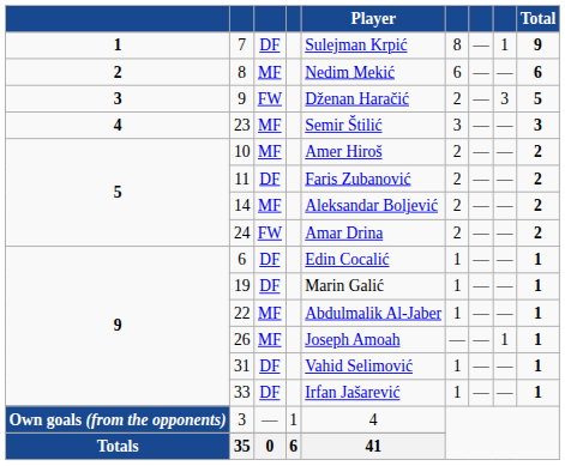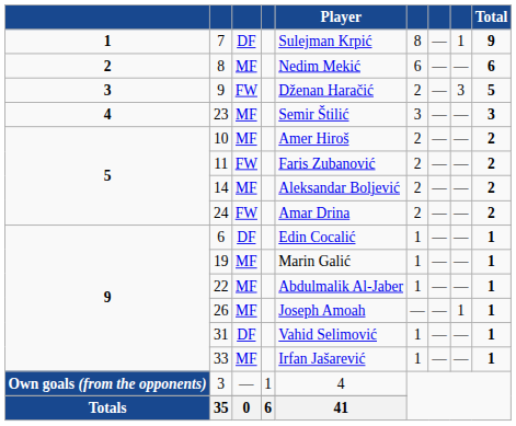 <table class="wikitable sortable" style="font-size: 95%; text-align: center;">
 <tr>
 <th style="background:#18488f; color:#FFFFFF; "></th>
 <th style="background:#18488f; color:#FFFFFF; "></th>
 <th style="background:#18488f; color:#FFFFFF; "></th>
 <th style="background:#18488f; color:#FFFFFF; "></th>
 <th style="background:#18488f; color:#FFFFFF; ">Player</th>
 <th style="background:#18488f; color:#FFFFFF; "></th>
 <th style="background:#18488f; color:#FFFFFF; "></th>
 <th style="background:#18488f; color:#FFFFFF; "></th>
 <th style="background:#18488f; color:#FFFFFF; ">Total</th>
 </tr>
 <tr>
 <td><strong>1</strong></td>
 <td>7</td>
 <td><a href='#'>DF</a></td>
 <td></td>
 <td align=left><a href='#'>Sulejman Krpić</a></td>
 <td>8</td>
 <td>—</td>
 <td>1</td>
 <td><strong>9</strong></td>
 </tr>
 <tr>
 <td><strong>2</strong></td>
 <td>8</td>
 <td><a href='#'>MF</a></td>
 <td></td>
 <td align=left><a href='#'>Nedim Mekić</a></td>
 <td>6</td>
 <td>—</td>
 <td>—</td>
 <td><strong>6</strong></td>
 </tr>
 <tr>
 <td><strong>3</strong></td>
 <td>9</td>
 <td><a href='#'>FW</a></td>
 <td></td>
 <td align=left><a href='#'>Dženan Haračić</a></td>
 <td>2</td>
 <td>—</td>
 <td>3</td>
 <td><strong>5</strong></td>
 </tr>
 <tr>
 <td><strong>4</strong></td>
 <td>23</td>
 <td><a href='#'>MF</a></td>
 <td></td>
 <td align=left><a href='#'>Semir Štilić</a></td>
 <td>3</td>
 <td>—</td>
 <td>—</td>
 <td><strong>3</strong></td>
 </tr>
 <tr>
 <td rowspan="4"><strong>5</strong></td>
 <td>10</td>
 <td><a href='#'>MF</a></td>
 <td></td>
 <td align=left><a href='#'>Amer Hiroš</a></td>
 <td>2</td>
 <td>—</td>
 <td>—</td>
 <td><strong>2</strong></td>
 </tr>
 <tr>
 <td>11</td>
-<td><a href='#'>DF</a></td>
+<td><a href='#'>FW</a></td>
 <td></td>
 <td align=left><a href='#'>Faris Zubanović</a></td>
 <td>2</td>
 <td>—</td>
 <td>—</td>
 <td><strong>2</strong></td>
 </tr>
 <tr>
 <td>14</td>
 <td><a href='#'>MF</a></td>
 <td></td>
 <td align=left><a href='#'>Aleksandar Boljević</a></td>
 <td>2</td>
 <td>—</td>
 <td>—</td>
 <td><strong>2</strong></td>
 </tr>
 <tr>
 <td>24</td>
 <td><a href='#'>FW</a></td>
 <td></td>
 <td align=left><a href='#'>Amar Drina</a></td>
 <td>2</td>
 <td>—</td>
 <td>—</td>
 <td><strong>2</strong></td>
 </tr>
 <tr>
 <td rowspan="6"><strong>9</strong></td>
 <td>6</td>
 <td><a href='#'>DF</a></td>
 <td></td>
 <td align=left><a href='#'>Edin Cocalić</a></td>
 <td>1</td>
 <td>—</td>
 <td>—</td>
 <td><strong>1</strong></td>
 </tr>
 <tr>
 <td>19</td>
-<td><a href='#'>DF</a></td>
+<td><a href='#'>MF</a></td>
 <td></td>
 <td align=left>Marin Galić</td>
 <td>1</td>
 <td>—</td>
 <td>—</td>
 <td><strong>1</strong></td>
 </tr>
 <tr>
 <td>22</td>
 <td><a href='#'>MF</a></td>
 <td></td>
 <td align=left><a href='#'>Abdulmalik Al-Jaber</a></td>
 <td>1</td>
 <td>—</td>
 <td>—</td>
 <td><strong>1</strong></td>
 </tr>
 <tr>
 <td>26</td>
 <td><a href='#'>MF</a></td>
 <td></td>
 <td align=left><a href='#'>Joseph Amoah</a></td>
 <td>—</td>
 <td>—</td>
 <td>1</td>
 <td><strong>1</strong></td>
 </tr>
 <tr>
 <td>31</td>
 <td><a href='#'>DF</a></td>
 <td></td>
 <td align=left><a href='#'>Vahid Selimović</a></td>
 <td>1</td>
 <td>—</td>
 <td>—</td>
 <td><strong>1</strong></td>
 </tr>
 <tr>
 <td>33</td>
-<td><a href='#'>DF</a></td>
+<td><a href='#'>MF</a></td>
 <td></td>
 <td align=left><a href='#'>Irfan Jašarević</a></td>
 <td>1</td>
 <td>—</td>
 <td>—</td>
 <td><strong>1</strong></td>
 </tr>
 <tr>
 <th style="background:#18488f; color:#FFFFFF; "><strong>Own goals <em>(from the opponents)<strong><em></th>
 <td>3 </td>
 <td>— </td>
 <td>1 </td>
 <td></strong>4<strong> </td>
 </tr>
 <tr>
 </tr>
 <tr>
 <th style="background:#18488f; color:#FFFFFF; "></strong>Totals<strong></th>
 <th>35 </th>
 <th>0 </th>
 <th>6 </th>
 <th>41 </th>
 </tr>
 </table>
